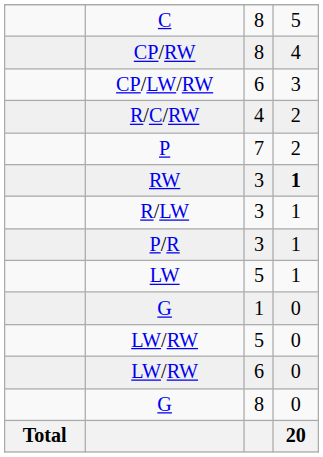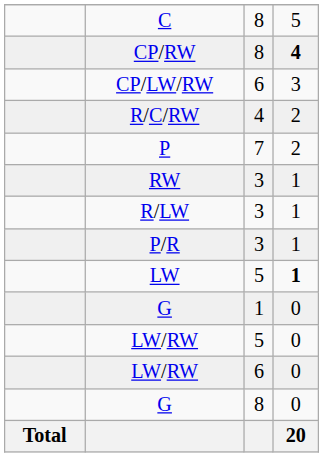 <table class="wikitable sortable" width ="40%">
 <tr align="center">
 </tr>
 <tr align="center" bgcolor="">
 <td></td>
 <td><a href='#'>C</a></td>
 <td>8</td>
 <td>5</td>
 </tr>
 <tr align="center" bgcolor="f0f0f0">
 <td></td>
 <td><a href='#'>CP</a>/<a href='#'>RW</a></td>
 <td>8</td>
-<td>4</td>
+<td><strong>4</strong></td>
 </tr>
 <tr align="center" bgcolor="">
 <td></td>
 <td><a href='#'>CP</a>/<a href='#'>LW</a>/<a href='#'>RW</a></td>
 <td>6</td>
 <td>3</td>
 </tr>
 <tr align="center" bgcolor="f0f0f0">
 <td></td>
 <td><a href='#'>R</a>/<a href='#'>C</a>/<a href='#'>RW</a></td>
 <td>4</td>
 <td>2</td>
 </tr>
 <tr align="center" bgcolor="">
 <td></td>
 <td><a href='#'>P</a></td>
 <td>7</td>
 <td>2</td>
 </tr>
 <tr align="center" bgcolor="f0f0f0">
 <td></td>
 <td><a href='#'>RW</a></td>
 <td>3</td>
-<td><strong>1</strong></td>
+<td>1</td>
 </tr>
 <tr align="center" bgcolor="">
 <td></td>
 <td><a href='#'>R</a>/<a href='#'>LW</a></td>
 <td>3</td>
 <td>1</td>
 </tr>
 <tr align="center" bgcolor="f0f0f0">
 <td></td>
 <td><a href='#'>P</a>/<a href='#'>R</a></td>
 <td>3</td>
 <td>1</td>
 </tr>
 <tr align="center" bgcolor="">
 <td></td>
 <td><a href='#'>LW</a></td>
 <td>5</td>
-<td>1</td>
+<td><strong>1</strong></td>
 </tr>
 <tr align="center" bgcolor="f0f0f0">
 <td></td>
 <td><a href='#'>G</a></td>
 <td>1</td>
 <td>0</td>
 </tr>
 <tr align="center" bgcolor="">
 <td></td>
 <td><a href='#'>LW</a>/<a href='#'>RW</a></td>
 <td>5</td>
 <td>0</td>
 </tr>
 <tr align="center" bgcolor="f0f0f0">
 <td></td>
 <td><a href='#'>LW</a>/<a href='#'>RW</a></td>
 <td>6</td>
 <td>0</td>
 </tr>
 <tr align="center" bgcolor="">
 <td></td>
 <td><a href='#'>G</a></td>
 <td>8</td>
 <td>0</td>
 </tr>
 <tr>
 <th>Total</th>
 <th></th>
 <th></th>
 <th>20</th>
 </tr>
 </table>
